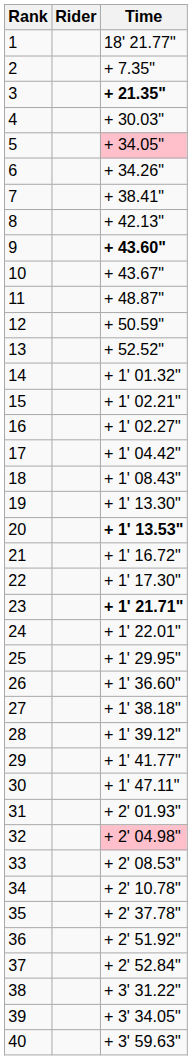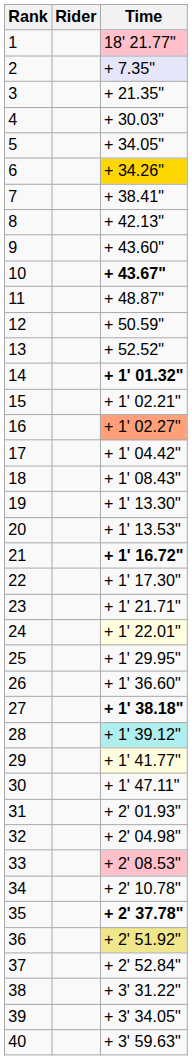 <table class="wikitable">
 <tr>
 <th>Rank</th>
 <th>Rider</th>
 <th>Time</th>
 </tr>
 <tr>
 <td>1</td>
 <td></td>
-<td>18' 21.77"</td>
+<td style="background: pink;">18' 21.77"</td>
 </tr>
 <tr>
 <td>2</td>
 <td></td>
-<td>+ 7.35"</td>
+<td style="background: lavender;">+ 7.35"</td>
 </tr>
 <tr>
 <td>3</td>
 <td></td>
-<td><strong>+ 21.35"</strong></td>
+<td>+ 21.35"</td>
 </tr>
 <tr>
 <td>4</td>
 <td></td>
 <td>+ 30.03"</td>
 </tr>
 <tr>
 <td>5</td>
 <td></td>
-<td style="background: pink;">+ 34.05"</td>
+<td>+ 34.05"</td>
 </tr>
 <tr>
 <td>6</td>
 <td></td>
-<td>+ 34.26"</td>
+<td style="background: gold;">+ 34.26"</td>
 </tr>
 <tr>
 <td>7</td>
 <td></td>
 <td>+ 38.41"</td>
 </tr>
 <tr>
 <td>8</td>
 <td></td>
 <td>+ 42.13"</td>
 </tr>
 <tr>
 <td>9</td>
 <td></td>
-<td><strong>+ 43.60"</strong></td>
+<td>+ 43.60"</td>
 </tr>
 <tr>
 <td>10</td>
 <td></td>
-<td>+ 43.67"</td>
+<td><strong>+ 43.67"</strong></td>
 </tr>
 <tr>
 <td>11</td>
 <td></td>
 <td>+ 48.87"</td>
 </tr>
 <tr>
 <td>12</td>
 <td></td>
 <td>+ 50.59"</td>
 </tr>
 <tr>
 <td>13</td>
 <td></td>
 <td>+ 52.52"</td>
 </tr>
 <tr>
 <td>14</td>
 <td></td>
-<td>+ 1' 01.32"</td>
+<td><strong>+ 1' 01.32"</strong></td>
 </tr>
 <tr>
 <td>15</td>
 <td></td>
 <td>+ 1' 02.21"</td>
 </tr>
 <tr>
 <td>16</td>
 <td></td>
-<td>+ 1' 02.27"</td>
+<td style="background: lightsalmon;">+ 1' 02.27"</td>
 </tr>
 <tr>
 <td>17</td>
 <td></td>
 <td>+ 1' 04.42"</td>
 </tr>
 <tr>
 <td>18</td>
 <td></td>
 <td>+ 1' 08.43"</td>
 </tr>
 <tr>
 <td>19</td>
 <td></td>
 <td>+ 1' 13.30"</td>
 </tr>
 <tr>
 <td>20</td>
 <td></td>
-<td><strong>+ 1' 13.53"</strong></td>
+<td>+ 1' 13.53"</td>
 </tr>
 <tr>
 <td>21</td>
 <td></td>
-<td>+ 1' 16.72"</td>
+<td><strong>+ 1' 16.72"</strong></td>
 </tr>
 <tr>
 <td>22</td>
 <td></td>
 <td>+ 1' 17.30"</td>
 </tr>
 <tr>
 <td>23</td>
 <td></td>
-<td><strong>+ 1' 21.71"</strong></td>
+<td>+ 1' 21.71"</td>
 </tr>
 <tr>
 <td>24</td>
 <td></td>
-<td>+ 1' 22.01"</td>
+<td style="background: lightyellow;">+ 1' 22.01"</td>
 </tr>
 <tr>
 <td>25</td>
 <td></td>
 <td>+ 1' 29.95"</td>
 </tr>
 <tr>
 <td>26</td>
 <td></td>
 <td>+ 1' 36.60"</td>
 </tr>
 <tr>
 <td>27</td>
 <td></td>
-<td>+ 1' 38.18"</td>
+<td><strong>+ 1' 38.18"</strong></td>
 </tr>
 <tr>
 <td>28</td>
 <td></td>
-<td>+ 1' 39.12"</td>
+<td style="background: paleturquoise;">+ 1' 39.12"</td>
 </tr>
 <tr>
 <td>29</td>
 <td></td>
-<td>+ 1' 41.77"</td>
+<td style="background: lightyellow;">+ 1' 41.77"</td>
 </tr>
 <tr>
 <td>30</td>
 <td></td>
 <td>+ 1' 47.11"</td>
 </tr>
 <tr>
 <td>31</td>
 <td></td>
 <td>+ 2' 01.93"</td>
 </tr>
 <tr>
 <td>32</td>
 <td></td>
-<td style="background: pink;">+ 2' 04.98"</td>
+<td>+ 2' 04.98"</td>
 </tr>
 <tr>
 <td>33</td>
 <td></td>
-<td>+ 2' 08.53"</td>
+<td style="background: pink;">+ 2' 08.53"</td>
 </tr>
 <tr>
 <td>34</td>
 <td></td>
 <td>+ 2' 10.78"</td>
 </tr>
 <tr>
 <td>35</td>
 <td></td>
-<td>+ 2' 37.78"</td>
+<td><strong>+ 2' 37.78"</strong></td>
 </tr>
 <tr>
 <td>36</td>
 <td></td>
-<td>+ 2' 51.92"</td>
+<td style="background: khaki;">+ 2' 51.92"</td>
 </tr>
 <tr>
 <td>37</td>
 <td></td>
 <td>+ 2' 52.84"</td>
 </tr>
 <tr>
 <td>38</td>
 <td></td>
 <td>+ 3' 31.22"</td>
 </tr>
 <tr>
 <td>39</td>
 <td></td>
 <td>+ 3' 34.05"</td>
 </tr>
 <tr>
 <td>40</td>
 <td></td>
 <td>+ 3' 59.63"</td>
 </tr>
 </table>
